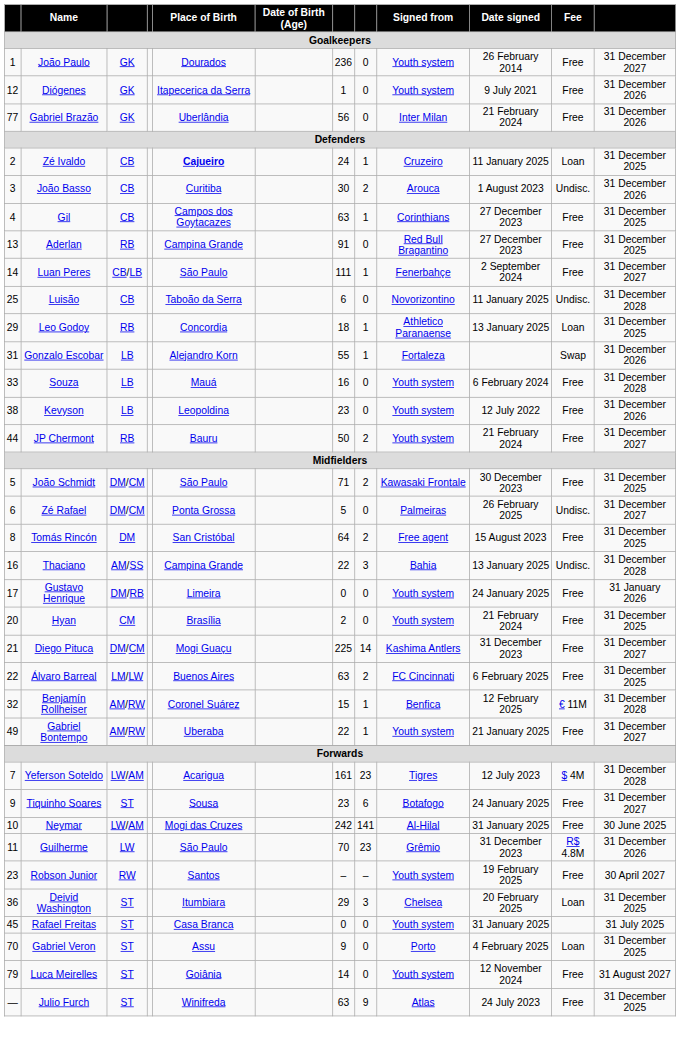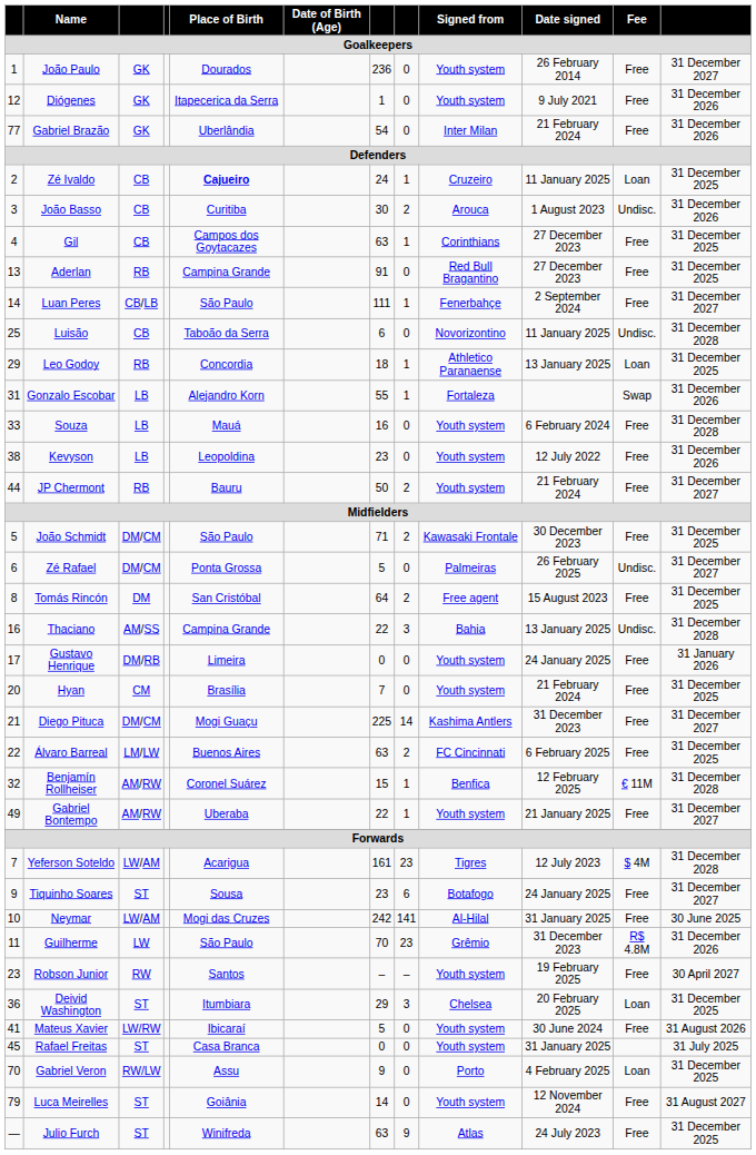 <table class="wikitable sortable" style="text-align:center; font-size:85%; width:100%;">
 <tr>
 <th style="background:#000; color:#fff; text-align:center;"></th>
 <th style="background:#000; color:#fff; text-align:center;">Name</th>
 <th style="background:#000; color:#fff; text-align:center;"></th>
 <th style="background:#000; color:#fff; text-align:center;"></th>
 <th style="background:#000; color:#fff; text-align:center;">Place of Birth</th>
 <th style="background:#000; color:#fff; text-align:center;">Date of Birth (Age)</th>
 <th style="background:#000; color:#fff; text-align:center;"></th>
 <th style="background:#000; color:#fff; text-align:center;"></th>
 <th style="background:#000; color:#fff; text-align:center;">Signed from</th>
 <th style="background:#000; color:#fff; text-align:center;">Date signed</th>
 <th style="background:#000; color:#fff; text-align:center;">Fee</th>
 <th style="background:#000; color:#fff; text-align:center;"></th>
 </tr>
 <tr>
 <th colspan="12" style="background:#dcdcdc; text-align:center;">Goalkeepers</th>
 </tr>
 <tr>
 <td>1</td>
 <td><a href='#'>João Paulo</a></td>
 <td><a href='#'>GK</a></td>
 <td></td>
 <td><a href='#'>Dourados</a> </td>
 <td></td>
 <td>236</td>
 <td>0</td>
 <td><a href='#'>Youth system</a></td>
 <td>26 February 2014</td>
 <td>Free</td>
 <td>31 December 2027</td>
 </tr>
 <tr>
 <td>12</td>
 <td><a href='#'>Diógenes</a></td>
 <td><a href='#'>GK</a></td>
 <td></td>
 <td><a href='#'>Itapecerica da Serra</a> </td>
 <td></td>
 <td>1</td>
 <td>0</td>
 <td><a href='#'>Youth system</a></td>
 <td>9 July 2021</td>
 <td>Free</td>
 <td>31 December 2026</td>
 </tr>
 <tr>
 <td>77</td>
 <td><a href='#'>Gabriel Brazão</a></td>
 <td><a href='#'>GK</a></td>
 <td></td>
 <td><a href='#'>Uberlândia</a> </td>
 <td></td>
-<td>56</td>
+<td>54</td>
 <td>0</td>
 <td><a href='#'>Inter Milan</a> </td>
 <td>21 February 2024</td>
 <td>Free</td>
 <td>31 December 2026</td>
 </tr>
 <tr>
 <th colspan="12" style="background:#dcdcdc; text-align:center;">Defenders<br></th>
 </tr>
 <tr>
 <td>2</td>
 <td><a href='#'>Zé Ivaldo</a></td>
 <td><a href='#'>CB</a></td>
 <td></td>
 <td><strong><a href='#'>Cajueiro</a> </strong></td>
 <td></td>
 <td>24</td>
 <td>1</td>
 <td><a href='#'>Cruzeiro</a></td>
 <td>11 January 2025</td>
 <td>Loan</td>
 <td>31 December 2025</td>
 </tr>
 <tr>
 <td>3</td>
 <td><a href='#'>João Basso</a></td>
 <td><a href='#'>CB</a></td>
 <td></td>
 <td><a href='#'>Curitiba</a> </td>
 <td></td>
 <td>30</td>
 <td>2</td>
 <td><a href='#'>Arouca</a> </td>
 <td>1 August 2023</td>
 <td>Undisc.</td>
 <td>31 December 2026</td>
 </tr>
 <tr>
 <td>4</td>
 <td><a href='#'>Gil</a></td>
 <td><a href='#'>CB</a></td>
 <td></td>
 <td><a href='#'>Campos dos Goytacazes</a> </td>
 <td></td>
 <td>63</td>
 <td>1</td>
 <td><a href='#'>Corinthians</a></td>
 <td>27 December 2023</td>
 <td>Free</td>
 <td>31 December 2025</td>
 </tr>
 <tr>
 <td>13</td>
 <td><a href='#'>Aderlan</a></td>
 <td><a href='#'>RB</a></td>
 <td></td>
 <td><a href='#'>Campina Grande</a> </td>
 <td></td>
 <td>91</td>
 <td>0</td>
 <td><a href='#'>Red Bull Bragantino</a></td>
 <td>27 December 2023</td>
 <td>Free</td>
 <td>31 December 2025</td>
 </tr>
 <tr>
 <td>14</td>
 <td><a href='#'>Luan Peres</a></td>
 <td><a href='#'>CB</a>/<a href='#'>LB</a></td>
 <td></td>
 <td><a href='#'>São Paulo</a> </td>
 <td></td>
 <td>111</td>
 <td>1</td>
 <td><a href='#'>Fenerbahçe</a> </td>
 <td>2 September 2024</td>
 <td>Free</td>
 <td>31 December 2027</td>
 </tr>
 <tr>
 <td>25</td>
 <td><a href='#'>Luisão</a></td>
 <td><a href='#'>CB</a></td>
 <td></td>
 <td><a href='#'>Taboão da Serra</a> </td>
 <td></td>
 <td>6</td>
 <td>0</td>
 <td><a href='#'>Novorizontino</a></td>
 <td>11 January 2025</td>
 <td>Undisc.</td>
 <td>31 December 2028</td>
 </tr>
 <tr>
 <td>29</td>
 <td><a href='#'>Leo Godoy</a></td>
 <td><a href='#'>RB</a></td>
 <td></td>
 <td><a href='#'>Concordia</a></td>
 <td></td>
 <td>18</td>
 <td>1</td>
 <td><a href='#'>Athletico Paranaense</a></td>
 <td>13 January 2025</td>
 <td>Loan</td>
 <td>31 December 2025</td>
 </tr>
 <tr>
 <td>31</td>
 <td><a href='#'>Gonzalo Escobar</a></td>
 <td><a href='#'>LB</a></td>
 <td></td>
 <td><a href='#'>Alejandro Korn</a></td>
 <td></td>
 <td>55</td>
 <td>1</td>
 <td><a href='#'>Fortaleza</a></td>
 <td></td>
 <td>Swap</td>
 <td>31 December 2026</td>
 </tr>
 <tr>
 <td>33</td>
 <td><a href='#'>Souza</a></td>
 <td><a href='#'>LB</a></td>
 <td></td>
 <td><a href='#'>Mauá</a> </td>
 <td></td>
 <td>16</td>
 <td>0</td>
 <td><a href='#'>Youth system</a></td>
 <td>6 February 2024</td>
 <td>Free</td>
 <td>31 December 2028</td>
 </tr>
 <tr>
 <td>38</td>
 <td><a href='#'>Kevyson</a></td>
 <td><a href='#'>LB</a></td>
 <td></td>
 <td><a href='#'>Leopoldina</a> </td>
 <td></td>
 <td>23</td>
 <td>0</td>
 <td><a href='#'>Youth system</a></td>
 <td>12 July 2022</td>
 <td>Free</td>
 <td>31 December 2026</td>
 </tr>
 <tr>
 <td>44</td>
 <td><a href='#'>JP Chermont</a></td>
 <td><a href='#'>RB</a></td>
 <td></td>
 <td><a href='#'>Bauru</a> </td>
 <td></td>
 <td>50</td>
 <td>2</td>
 <td><a href='#'>Youth system</a></td>
 <td>21 February 2024</td>
 <td>Free</td>
 <td>31 December 2027<br></td>
 </tr>
 <tr>
 <th colspan="12" style="background:#dcdcdc; text-align:center;">Midfielders</th>
 </tr>
 <tr>
 <td>5</td>
 <td><a href='#'>João Schmidt</a></td>
 <td><a href='#'>DM</a>/<a href='#'>CM</a></td>
 <td></td>
 <td><a href='#'>São Paulo</a> </td>
 <td></td>
 <td>71</td>
 <td>2</td>
 <td><a href='#'>Kawasaki Frontale</a> </td>
 <td>30 December 2023</td>
 <td>Free</td>
 <td>31 December 2025</td>
 </tr>
 <tr>
 <td>6</td>
 <td><a href='#'>Zé Rafael</a></td>
 <td><a href='#'>DM</a>/<a href='#'>CM</a></td>
 <td></td>
 <td><a href='#'>Ponta Grossa</a> </td>
 <td></td>
 <td>5</td>
 <td>0</td>
 <td><a href='#'>Palmeiras</a></td>
 <td>26 February 2025</td>
 <td>Undisc.</td>
 <td>31 December 2027</td>
 </tr>
 <tr>
 <td>8</td>
 <td><a href='#'>Tomás Rincón</a></td>
 <td><a href='#'>DM</a></td>
 <td></td>
 <td><a href='#'>San Cristóbal</a></td>
 <td></td>
 <td>64</td>
 <td>2</td>
 <td><a href='#'>Free agent</a></td>
 <td>15 August 2023</td>
 <td>Free</td>
 <td>31 December 2025</td>
 </tr>
 <tr>
 <td>16</td>
 <td><a href='#'>Thaciano</a></td>
 <td><a href='#'>AM</a>/<a href='#'>SS</a></td>
 <td></td>
 <td><a href='#'>Campina Grande</a> </td>
 <td></td>
 <td>22</td>
 <td>3</td>
 <td><a href='#'>Bahia</a></td>
 <td>13 January 2025</td>
 <td>Undisc.</td>
 <td>31 December 2028</td>
 </tr>
 <tr>
 <td>17</td>
 <td><a href='#'>Gustavo Henrique</a></td>
 <td><a href='#'>DM</a>/<a href='#'>RB</a></td>
 <td></td>
 <td><a href='#'>Limeira</a> </td>
 <td></td>
 <td>0</td>
 <td>0</td>
 <td><a href='#'>Youth system</a></td>
 <td>24 January 2025</td>
 <td>Free</td>
 <td>31 January 2026</td>
 </tr>
 <tr>
 <td>20</td>
 <td><a href='#'>Hyan</a></td>
 <td><a href='#'>CM</a></td>
 <td></td>
 <td><a href='#'>Brasília</a> </td>
 <td></td>
-<td>2</td>
+<td>7</td>
 <td>0</td>
 <td><a href='#'>Youth system</a></td>
 <td>21 February 2024</td>
 <td>Free</td>
 <td>31 December 2025</td>
 </tr>
 <tr>
 <td>21</td>
 <td><a href='#'>Diego Pituca</a></td>
 <td><a href='#'>DM</a>/<a href='#'>CM</a></td>
 <td></td>
 <td><a href='#'>Mogi Guaçu</a> </td>
 <td></td>
 <td>225</td>
 <td>14</td>
 <td><a href='#'>Kashima Antlers</a> </td>
 <td>31 December 2023</td>
 <td>Free</td>
 <td>31 December 2027</td>
 </tr>
 <tr>
 <td>22</td>
 <td><a href='#'>Álvaro Barreal</a></td>
 <td><a href='#'>LM</a>/<a href='#'>LW</a></td>
 <td></td>
 <td><a href='#'>Buenos Aires</a></td>
 <td></td>
 <td>63</td>
 <td>2</td>
 <td><a href='#'>FC Cincinnati</a> </td>
 <td>6 February 2025</td>
 <td>Free</td>
 <td>31 December 2025<br></td>
 </tr>
 <tr>
 <td>32</td>
 <td><a href='#'>Benjamín Rollheiser</a></td>
 <td><a href='#'>AM</a>/<a href='#'>RW</a></td>
 <td></td>
 <td><a href='#'>Coronel Suárez</a></td>
 <td></td>
 <td>15</td>
 <td>1</td>
 <td><a href='#'>Benfica</a> </td>
 <td>12 February 2025</td>
 <td><a href='#'>€</a> 11M</td>
 <td>31 December 2028<br></td>
 </tr>
 <tr>
 <td>49</td>
 <td><a href='#'>Gabriel Bontempo</a></td>
 <td><a href='#'>AM</a>/<a href='#'>RW</a></td>
 <td></td>
 <td><a href='#'>Uberaba</a> </td>
 <td></td>
 <td>22</td>
 <td>1</td>
 <td><a href='#'>Youth system</a></td>
 <td>21 January 2025</td>
 <td>Free</td>
 <td>31 December 2027<br> </td>
 </tr>
 <tr>
 </tr>
 <tr>
 <th colspan="12" style="background:#dcdcdc; text-align=center;">Forwards</th>
 </tr>
 <tr>
 <td>7</td>
 <td><a href='#'>Yeferson Soteldo</a></td>
 <td><a href='#'>LW</a>/<a href='#'>AM</a></td>
 <td></td>
 <td><a href='#'>Acarigua</a></td>
 <td></td>
 <td>161</td>
 <td>23</td>
 <td><a href='#'>Tigres</a> </td>
 <td>12 July 2023</td>
 <td><a href='#'>$</a> 4M</td>
 <td>31 December 2028</td>
 </tr>
 <tr>
 <td>9</td>
 <td><a href='#'>Tiquinho Soares</a></td>
 <td><a href='#'>ST</a></td>
 <td></td>
 <td><a href='#'>Sousa</a> </td>
 <td></td>
 <td>23</td>
 <td>6</td>
 <td><a href='#'>Botafogo</a></td>
 <td>24 January 2025</td>
 <td>Free</td>
 <td>31 December 2027</td>
 </tr>
 <tr>
 <td>10</td>
 <td><a href='#'>Neymar</a></td>
 <td><a href='#'>LW</a>/<a href='#'>AM</a></td>
 <td></td>
 <td><a href='#'>Mogi das Cruzes</a></td>
 <td></td>
 <td>242</td>
 <td>141</td>
 <td><a href='#'>Al-Hilal</a> </td>
 <td>31 January 2025</td>
 <td>Free</td>
 <td>30 June 2025</td>
 </tr>
 <tr>
 <td>11</td>
 <td><a href='#'>Guilherme</a></td>
 <td><a href='#'>LW</a></td>
 <td></td>
 <td><a href='#'>São Paulo</a> </td>
 <td></td>
 <td>70</td>
 <td>23</td>
 <td><a href='#'>Grêmio</a></td>
 <td>31 December 2023</td>
 <td><a href='#'>R$</a> 4.8M</td>
 <td>31 December 2026</td>
 </tr>
 <tr>
 <td>23</td>
 <td><a href='#'>Robson Junior</a></td>
 <td><a href='#'>RW</a></td>
 <td></td>
 <td><a href='#'>Santos</a> </td>
 <td></td>
 <td>–</td>
 <td>–</td>
 <td><a href='#'>Youth system</a></td>
 <td>19 February 2025</td>
 <td>Free</td>
 <td>30 April 2027</td>
 </tr>
 <tr>
 <td>36</td>
 <td><a href='#'>Deivid Washington</a></td>
 <td><a href='#'>ST</a></td>
 <td></td>
 <td><a href='#'>Itumbiara</a> </td>
 <td></td>
 <td>29</td>
 <td>3</td>
 <td><a href='#'>Chelsea</a> </td>
 <td>20 February 2025</td>
 <td>Loan</td>
 <td>31 December 2025</td>
 </tr>
 <tr>
+<td>41</td>
+<td><a href='#'>Mateus Xavier</a></td>
+<td><a href='#'>LW/RW</a></td>
+<td></td>
+<td><a href='#'>Ibicaraí</a> </td>
+<td></td>
+<td>5</td>
+<td>0</td>
+<td><a href='#'>Youth system</a></td>
+<td>30 June 2024</td>
+<td>Free</td>
+<td>31 August 2026</td>
+</tr>
+<tr>
 <td>45</td>
 <td><a href='#'>Rafael Freitas</a></td>
 <td><a href='#'>ST</a></td>
 <td></td>
 <td><a href='#'>Casa Branca</a> </td>
 <td></td>
 <td>0</td>
 <td>0</td>
 <td><a href='#'>Youth system</a></td>
 <td>31 January 2025</td>
 <td></td>
 <td>31 July 2025</td>
 </tr>
 <tr>
 <td>70</td>
 <td><a href='#'>Gabriel Veron</a></td>
-<td><a href='#'>ST</a></td>
+<td><a href='#'>RW/LW</a></td>
 <td></td>
 <td><a href='#'>Assu</a> </td>
 <td></td>
 <td>9</td>
 <td>0</td>
 <td><a href='#'>Porto</a> </td>
 <td>4 February 2025</td>
 <td>Loan</td>
 <td>31 December 2025</td>
 </tr>
 <tr>
 <td>79</td>
 <td><a href='#'>Luca Meirelles</a></td>
 <td><a href='#'>ST</a></td>
 <td></td>
 <td><a href='#'>Goiânia</a> </td>
 <td></td>
 <td>14</td>
 <td>0</td>
 <td><a href='#'>Youth system</a></td>
 <td>12 November 2024</td>
 <td>Free</td>
 <td>31 August 2027</td>
 </tr>
 <tr>
 <td>—</td>
 <td><a href='#'>Julio Furch</a></td>
 <td><a href='#'>ST</a></td>
 <td></td>
 <td><a href='#'>Winifreda</a></td>
 <td></td>
 <td>63</td>
 <td>9</td>
 <td><a href='#'>Atlas</a> </td>
 <td>24 July 2023</td>
 <td>Free</td>
 <td>31 December 2025<br></td>
 </tr>
 </table>
